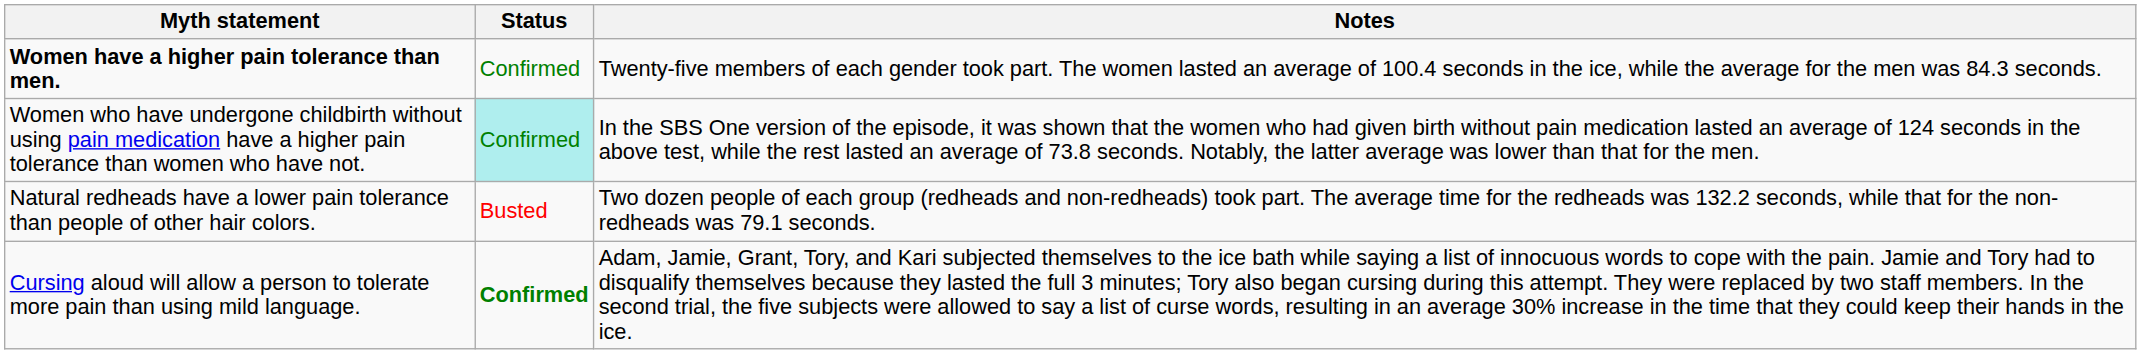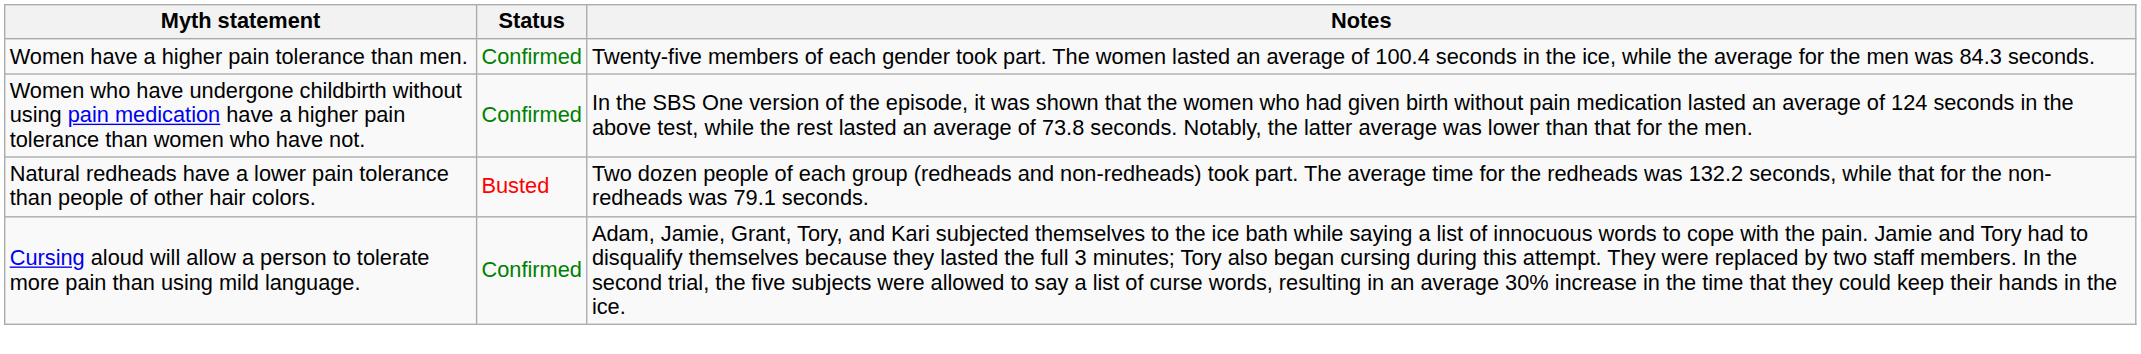 <table class="wikitable plainrowheaders">
 <tr>
 <th>Myth statement</th>
 <th>Status</th>
 <th>Notes</th>
 </tr>
 <tr>
-<td><strong>Women have a higher pain tolerance than men.</strong></td>
+<td>Women have a higher pain tolerance than men.</td>
 <td style="color:green">Confirmed</td>
 <td>Twenty-five members of each gender took part. The women lasted an average of 100.4 seconds in the ice, while the average for the men was 84.3 seconds.</td>
 </tr>
 <tr>
 <td>Women who have undergone childbirth without using <a href='#'>pain medication</a> have a higher pain tolerance than women who have not.</td>
-<td style="background: paleturquoise; color:green">Confirmed</td>
+<td style="color:green">Confirmed</td>
 <td>In the SBS One version of the episode, it was shown that the women who had given birth without pain medication lasted an average of 124 seconds in the above test, while the rest lasted an average of 73.8 seconds. Notably, the latter average was lower than that for the men.</td>
 </tr>
 <tr>
 <td>Natural redheads have a lower pain tolerance than people of other hair colors.</td>
 <td style="color:red">Busted</td>
 <td>Two dozen people of each group (redheads and non-redheads) took part. The average time for the redheads was 132.2 seconds, while that for the non-redheads was 79.1 seconds.</td>
 </tr>
 <tr>
 <td><a href='#'>Cursing</a> aloud will allow a person to tolerate more pain than using mild language.</td>
-<td style="color:green"><strong>Confirmed</strong></td>
+<td style="color:green">Confirmed</td>
 <td>Adam, Jamie, Grant, Tory, and Kari subjected themselves to the ice bath while saying a list of innocuous words to cope with the pain. Jamie and Tory had to disqualify themselves because they lasted the full 3 minutes; Tory also began cursing during this attempt. They were replaced by two staff members. In the second trial, the five subjects were allowed to say a list of curse words, resulting in an average 30% increase in the time that they could keep their hands in the ice.</td>
 </tr>
 </table>
